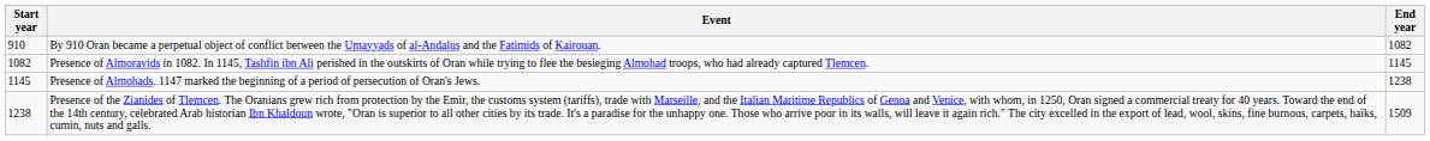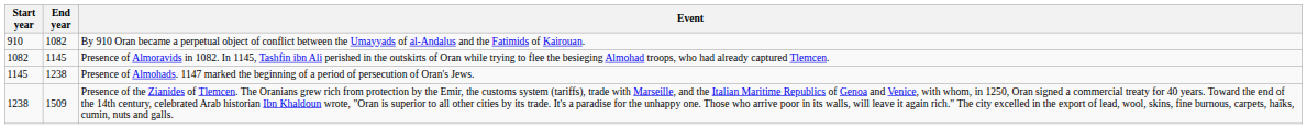 <table class="wikitable">
 <tr>
 <th>Start year</th>
+<th>End year</th>
 <th>Event</th>
-<th>End year</th>
 </tr>
 <tr>
 <td>910</td>
+<td>1082</td>
 <td>By 910 Oran became a perpetual object of conflict between the <a href='#'>Umayyads</a> of <a href='#'>al-Andalus</a> and the <a href='#'>Fatimids</a> of <a href='#'>Kairouan</a>.</td>
-<td>1082</td>
 </tr>
 <tr>
 <td>1082</td>
+<td>1145</td>
 <td>Presence of <a href='#'>Almoravids</a> in 1082. In 1145, <a href='#'>Tashfin ibn Ali</a> perished in the outskirts of Oran while trying to flee the besieging <a href='#'>Almohad</a> troops, who had already captured <a href='#'>Tlemcen</a>.</td>
-<td>1145</td>
 </tr>
 <tr>
 <td>1145</td>
+<td>1238</td>
 <td>Presence of <a href='#'>Almohads</a>. 1147 marked the beginning of a period of persecution of Oran's Jews.</td>
-<td>1238</td>
 </tr>
 <tr>
 <td>1238</td>
+<td>1509</td>
 <td>Presence of the <a href='#'>Zianides</a> of <a href='#'>Tlemcen</a>. The Oranians grew rich from protection by the Emir, the customs system (tariffs), trade with <a href='#'>Marseille</a>, and the <a href='#'>Italian Maritime Republics</a> of <a href='#'>Genoa</a> and <a href='#'>Venice</a>, with whom, in 1250, Oran signed a commercial treaty for 40 years. Toward the end of the 14th century, celebrated Arab historian <a href='#'>Ibn Khaldoun</a> wrote, "Oran is superior to all other cities by its trade. It's a paradise for the unhappy one. Those who arrive poor in its walls, will leave it again rich." The city excelled in the export of lead, wool, skins, fine burnous, carpets, haïks, cumin, nuts and galls.</td>
-<td>1509</td>
 </tr>
 </table>
